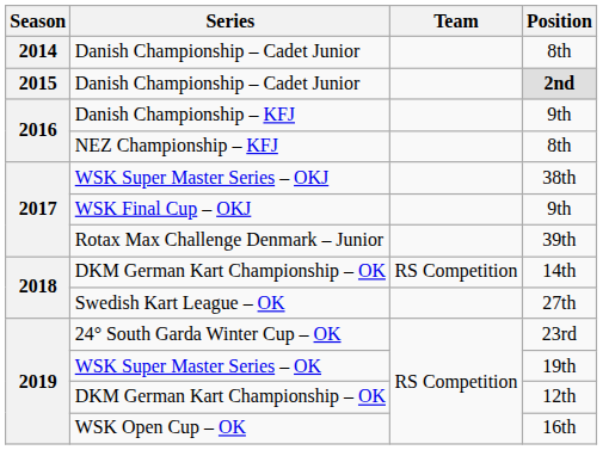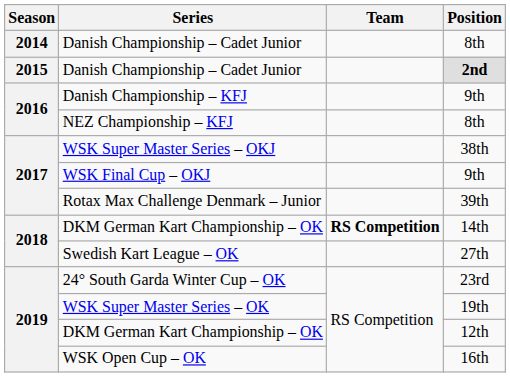 <table class="wikitable" style="font-size: 85%; text-align:center">
 <tr>
 <th>Season</th>
 <th>Series</th>
 <th>Team</th>
 <th>Position</th>
 </tr>
 <tr>
 <th>2014</th>
 <td style="text-align:left">Danish Championship – Cadet Junior</td>
 <td style="text-align:left"></td>
 <td>8th</td>
 </tr>
 <tr>
 <th>2015</th>
 <td style="text-align:left">Danish Championship – Cadet Junior</td>
 <td style="text-align:left"></td>
 <td style="background:#DFDFDF"><strong>2nd</strong></td>
 </tr>
 <tr>
 <th rowspan="2">2016</th>
 <td style="text-align:left">Danish Championship – <a href='#'>KFJ</a></td>
 <td style="text-align:left"></td>
 <td>9th</td>
 </tr>
 <tr>
 <td style="text-align:left">NEZ Championship – <a href='#'>KFJ</a></td>
 <td style="text-align: left"></td>
 <td>8th</td>
 </tr>
 <tr>
 <th rowspan="3">2017</th>
 <td style="text-align:left"><a href='#'>WSK Super Master Series</a> – <a href='#'>OKJ</a></td>
 <td style="text-align:left"></td>
 <td>38th</td>
 </tr>
 <tr>
 <td style="text-align:left"><a href='#'>WSK Final Cup</a> – <a href='#'>OKJ</a></td>
 <td style="text-align:left"></td>
 <td>9th</td>
 </tr>
 <tr>
 <td style="text-align:left">Rotax Max Challenge Denmark – Junior</td>
 <td style="text-align:left"></td>
 <td>39th</td>
 </tr>
 <tr>
 <th rowspan="2">2018</th>
 <td style="text-align:left">DKM German Kart Championship – <a href='#'>OK</a></td>
-<td style="text-align:left">RS Competition</td>
+<td style="text-align:left"><strong>RS Competition</strong></td>
 <td>14th</td>
 </tr>
 <tr>
 <td style="text-align:left">Swedish Kart League – <a href='#'>OK</a></td>
 <td style="text-align: left"></td>
 <td>27th</td>
 </tr>
 <tr>
 <th rowspan="4">2019</th>
 <td style="text-align:left">24° South Garda Winter Cup – <a href='#'>OK</a></td>
 <td rowspan="4" style="text-align:left">RS Competition</td>
 <td>23rd</td>
 </tr>
 <tr>
 <td style="text-align:left"><a href='#'>WSK Super Master Series</a> – <a href='#'>OK</a></td>
 <td>19th</td>
 </tr>
 <tr>
 <td style="text-align:left">DKM German Kart Championship – <a href='#'>OK</a></td>
 <td>12th</td>
 </tr>
 <tr>
 <td style="text-align:left">WSK Open Cup – <a href='#'>OK</a></td>
 <td>16th</td>
 </tr>
 </table>
